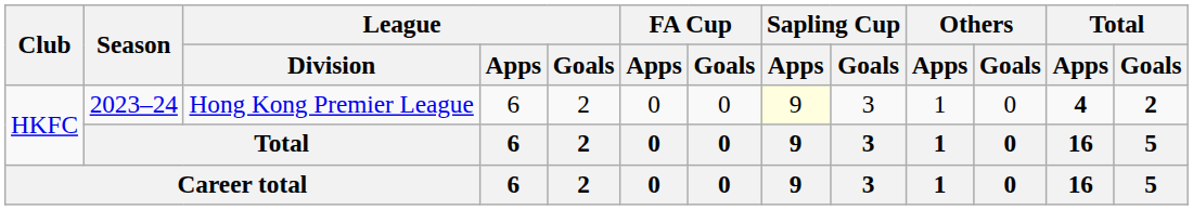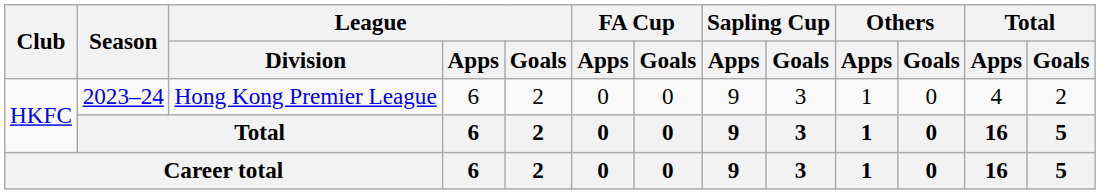 <table class="wikitable" style="text-align:center">
 <tr>
 <th rowspan="2">Club</th>
 <th rowspan="2">Season</th>
 <th colspan="3">League</th>
 <th colspan="2">FA Cup</th>
 <th colspan="2">Sapling Cup</th>
 <th colspan="2">Others</th>
 <th colspan="2">Total</th>
 </tr>
 <tr>
 <th>Division</th>
 <th>Apps</th>
 <th>Goals</th>
 <th>Apps</th>
 <th>Goals</th>
 <th>Apps</th>
 <th>Goals</th>
 <th>Apps</th>
 <th>Goals</th>
 <th>Apps</th>
 <th>Goals</th>
 </tr>
 <tr>
 <td rowspan="2"><a href='#'>HKFC</a></td>
 <td><a href='#'>2023–24</a></td>
 <td><a href='#'>Hong Kong Premier League</a></td>
 <td>6</td>
 <td>2</td>
 <td>0</td>
 <td>0</td>
-<td style="background: lightyellow;">9</td>
+<td>9</td>
 <td>3</td>
 <td>1</td>
 <td>0</td>
-<td><strong>4</strong></td>
-<td><strong>2</strong></td>
+<td>4</td>
+<td>2</td>
 </tr>
 <tr>
 <th colspan="2">Total</th>
 <th>6</th>
 <th>2</th>
 <th>0</th>
 <th>0</th>
 <th>9</th>
 <th>3</th>
 <th>1</th>
 <th>0</th>
 <th>16</th>
 <th>5</th>
 </tr>
 <tr>
 <th colspan="3">Career total</th>
 <th>6</th>
 <th>2</th>
 <th>0</th>
 <th>0</th>
 <th>9</th>
 <th>3</th>
 <th>1</th>
 <th>0</th>
 <th>16</th>
 <th>5</th>
 </tr>
 </table>
